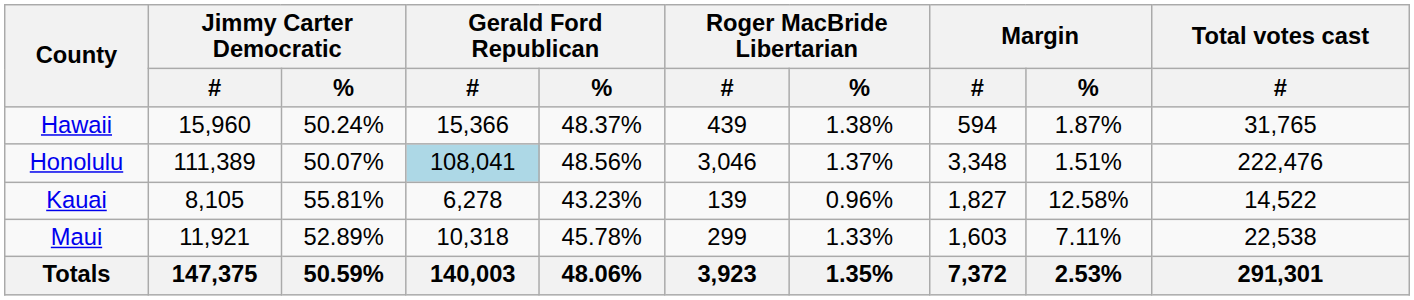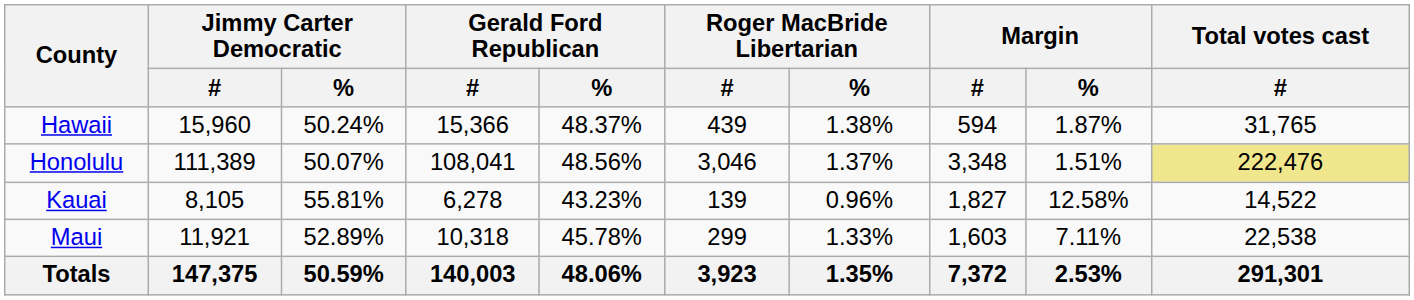 <table width="60%"  class="wikitable sortable" style="text-align:center">
 <tr>
 <th style="text-align:center;" rowspan="2">County</th>
 <th style="text-align:center;" colspan="2">Jimmy Carter<br>Democratic</th>
 <th style="text-align:center;" colspan="2">Gerald Ford<br>Republican</th>
 <th style="text-align:center;" colspan="2">Roger MacBride<br>Libertarian</th>
 <th style="text-align:center;" colspan="2">Margin</th>
 <th style="text-align:center;" colspan="1">Total votes cast</th>
 </tr>
 <tr>
 <th style="text-align:center;" data-sort-type="number">#</th>
 <th style="text-align:center;" data-sort-type="number">%</th>
 <th style="text-align:center;" data-sort-type="number">#</th>
 <th style="text-align:center;" data-sort-type="number">%</th>
 <th style="text-align:center;" data-sort-type="number">#</th>
 <th style="text-align:center;" data-sort-type="number">%</th>
 <th style="text-align:center;" data-sort-type="number">#</th>
 <th style="text-align:center;" data-sort-type="number">%</th>
 <th style="text-align:center;" data-sort-type="number">#</th>
 </tr>
 <tr>
 <td align="center"  ><a href='#'>Hawaii</a></td>
 <td align="center"  >15,960</td>
 <td align="center"  >50.24%</td>
 <td align="center"  >15,366</td>
 <td align="center"  >48.37%</td>
 <td align="center"  >439</td>
 <td align="center"  >1.38%</td>
 <td align="center"  >594</td>
 <td align="center"  >1.87%</td>
 <td align="center"  >31,765</td>
 </tr>
 <tr>
 <td align="center"  ><a href='#'>Honolulu</a></td>
 <td align="center"  >111,389</td>
 <td align="center"  >50.07%</td>
-<td align="center"   style="background: lightblue;">108,041</td>
+<td align="center"  >108,041</td>
 <td align="center"  >48.56%</td>
 <td align="center"  >3,046</td>
 <td align="center"  >1.37%</td>
 <td align="center"  >3,348</td>
 <td align="center"  >1.51%</td>
-<td align="center"  >222,476</td>
+<td align="center"   style="background: khaki;">222,476</td>
 </tr>
 <tr>
 <td align="center"  ><a href='#'>Kauai</a></td>
 <td align="center"  >8,105</td>
 <td align="center"  >55.81%</td>
 <td align="center"  >6,278</td>
 <td align="center"  >43.23%</td>
 <td align="center"  >139</td>
 <td align="center"  >0.96%</td>
 <td align="center"  >1,827</td>
 <td align="center"  >12.58%</td>
 <td align="center"  >14,522</td>
 </tr>
 <tr>
 <td align="center"  ><a href='#'>Maui</a></td>
 <td align="center"  >11,921</td>
 <td align="center"  >52.89%</td>
 <td align="center"  >10,318</td>
 <td align="center"  >45.78%</td>
 <td align="center"  >299</td>
 <td align="center"  >1.33%</td>
 <td align="center"  >1,603</td>
 <td align="center"  >7.11%</td>
 <td align="center"  >22,538</td>
 </tr>
 <tr class=sortbottom>
 <th>Totals</th>
 <th>147,375</th>
 <th>50.59%</th>
 <th>140,003</th>
 <th>48.06%</th>
 <th>3,923</th>
 <th>1.35%</th>
 <th>7,372</th>
 <th>2.53%</th>
 <th>291,301</th>
 </tr>
 </table>
